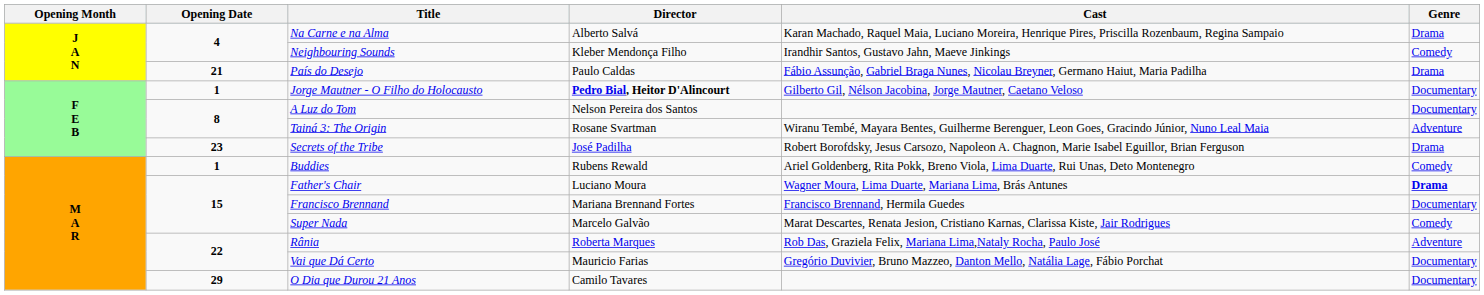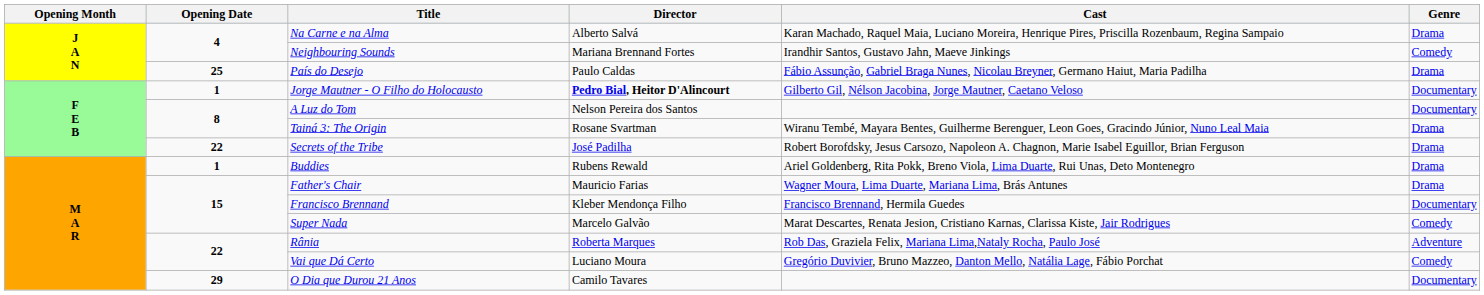 <table class="wikitable sortable">
 <tr style="background:#b0e0e6; text-align:center;">
 <th style="width:10%;"><strong>Opening Month</strong></th>
 <th style="width:10%;"><strong>Opening Date</strong></th>
 <th style="width:20%;"><strong>Title</strong></th>
 <th style="width:15%;"><strong>Director</strong></th>
 <th style="width:55%;"><strong>Cast</strong></th>
 <th style="width:5%;"><strong>Genre</strong></th>
 </tr>
 <tr>
 <td rowspan="3" style="text-align:center; background:yellow;"><strong>J<br>A<br>N</strong></td>
 <td rowspan="2" style="text-align:center;"><strong>4</strong></td>
 <td><em><a href='#'>Na Carne e na Alma</a></em></td>
 <td>Alberto Salvá</td>
 <td>Karan Machado, Raquel Maia, Luciano Moreira, Henrique Pires, Priscilla Rozenbaum, Regina Sampaio</td>
 <td><a href='#'>Drama</a></td>
 </tr>
 <tr>
 <td><em><a href='#'>Neighbouring Sounds</a></em></td>
-<td>Kleber Mendonça Filho</td>
+<td>Mariana Brennand Fortes</td>
 <td>Irandhir Santos, Gustavo Jahn, Maeve Jinkings</td>
 <td><a href='#'>Comedy</a></td>
 </tr>
 <tr>
-<td rowspan="1" style="text-align:center;"><strong>21</strong></td>
+<td rowspan="1" style="text-align:center;"><strong>25</strong></td>
 <td><em><a href='#'>País do Desejo</a></em></td>
 <td>Paulo Caldas</td>
 <td><a href='#'>Fábio Assunção</a>, <a href='#'>Gabriel Braga Nunes</a>, <a href='#'>Nicolau Breyner</a>, Germano Haiut, Maria Padilha</td>
 <td><a href='#'>Drama</a></td>
 </tr>
 <tr>
 <td rowspan="4" style="text-align:center; background:#98fb98; textcolor:#000;"><strong>F<br>E<br>B</strong></td>
 <td rowspan="1" style="text-align:center;"><strong>1</strong></td>
 <td><em><a href='#'>Jorge Mautner - O Filho do Holocausto</a></em></td>
 <td><strong><a href='#'>Pedro Bial</a>, Heitor D'Alincourt</strong></td>
 <td><a href='#'>Gilberto Gil</a>, <a href='#'>Nélson Jacobina</a>, <a href='#'>Jorge Mautner</a>, <a href='#'>Caetano Veloso</a></td>
 <td><a href='#'>Documentary</a></td>
 </tr>
 <tr>
 <td rowspan="2" style="text-align:center;"><strong>8</strong></td>
 <td><em><a href='#'>A Luz do Tom</a></em></td>
 <td>Nelson Pereira dos Santos</td>
 <td></td>
 <td><a href='#'>Documentary</a></td>
 </tr>
 <tr>
 <td><em><a href='#'>Tainá 3: The Origin</a></em></td>
 <td>Rosane Svartman</td>
 <td>Wiranu Tembé, Mayara Bentes, Guilherme Berenguer, Leon Goes, Gracindo Júnior, <a href='#'>Nuno Leal Maia</a></td>
-<td><a href='#'>Adventure</a></td>
+<td><a href='#'>Drama</a></td>
 </tr>
 <tr>
-<td rowspan="1" style="text-align:center;"><strong>23</strong></td>
+<td rowspan="1" style="text-align:center;"><strong>22</strong></td>
 <td><em><a href='#'>Secrets of the Tribe</a></em></td>
 <td><a href='#'>José Padilha</a></td>
 <td>Robert Borofdsky, Jesus Carsozo, Napoleon A. Chagnon, Marie Isabel Eguillor, Brian Ferguson</td>
 <td><a href='#'>Drama</a></td>
 </tr>
 <tr>
 <td rowspan="7" style="text-align:center; background:orange;"><strong>M<br>A<br>R</strong></td>
 <td rowspan="1" style="text-align:center;"><strong>1</strong></td>
 <td><em><a href='#'>Buddies</a></em></td>
 <td>Rubens Rewald</td>
 <td>Ariel Goldenberg, Rita Pokk, Breno Viola, <a href='#'>Lima Duarte</a>, Rui Unas, Deto Montenegro</td>
-<td><a href='#'>Comedy</a></td>
+<td><a href='#'>Drama</a></td>
 </tr>
 <tr>
 <td rowspan="3" style="text-align:center;"><strong>15</strong></td>
 <td><em><a href='#'>Father's Chair</a></em></td>
-<td>Luciano Moura</td>
+<td>Mauricio Farias</td>
 <td><a href='#'>Wagner Moura</a>, <a href='#'>Lima Duarte</a>, <a href='#'>Mariana Lima</a>, Brás Antunes</td>
-<td><strong><a href='#'>Drama</a></strong></td>
+<td><a href='#'>Drama</a></td>
 </tr>
 <tr>
 <td><em><a href='#'>Francisco Brennand</a></em></td>
-<td>Mariana Brennand Fortes</td>
+<td>Kleber Mendonça Filho</td>
 <td><a href='#'>Francisco Brennand</a>, Hermila Guedes</td>
 <td><a href='#'>Documentary</a></td>
 </tr>
 <tr>
 <td><em><a href='#'>Super Nada</a></em></td>
 <td>Marcelo Galvão</td>
 <td>Marat Descartes, Renata Jesion, Cristiano Karnas, Clarissa Kiste, <a href='#'>Jair Rodrigues</a></td>
 <td><a href='#'>Comedy</a></td>
 </tr>
 <tr>
 <td rowspan="2" style="text-align:center;"><strong>22</strong></td>
 <td><em><a href='#'>Rânia</a></em></td>
 <td><a href='#'>Roberta Marques</a></td>
 <td><a href='#'>Rob Das</a>, Graziela Felix, <a href='#'>Mariana Lima</a>,<a href='#'>Nataly Rocha</a>, <a href='#'>Paulo José</a></td>
 <td><a href='#'>Adventure</a></td>
 </tr>
 <tr>
 <td><em><a href='#'>Vai que Dá Certo</a></em></td>
-<td>Mauricio Farias</td>
+<td>Luciano Moura</td>
 <td><a href='#'>Gregório Duvivier</a>, Bruno Mazzeo, <a href='#'>Danton Mello</a>, <a href='#'>Natália Lage</a>, Fábio Porchat</td>
-<td><a href='#'>Documentary</a></td>
+<td><a href='#'>Comedy</a></td>
 </tr>
 <tr>
 <td rowspan="1" style="text-align:center;"><strong>29</strong></td>
 <td><em><a href='#'>O Dia que Durou 21 Anos</a></em></td>
 <td>Camilo Tavares</td>
 <td></td>
 <td><a href='#'>Documentary</a></td>
 </tr>
 </table>
